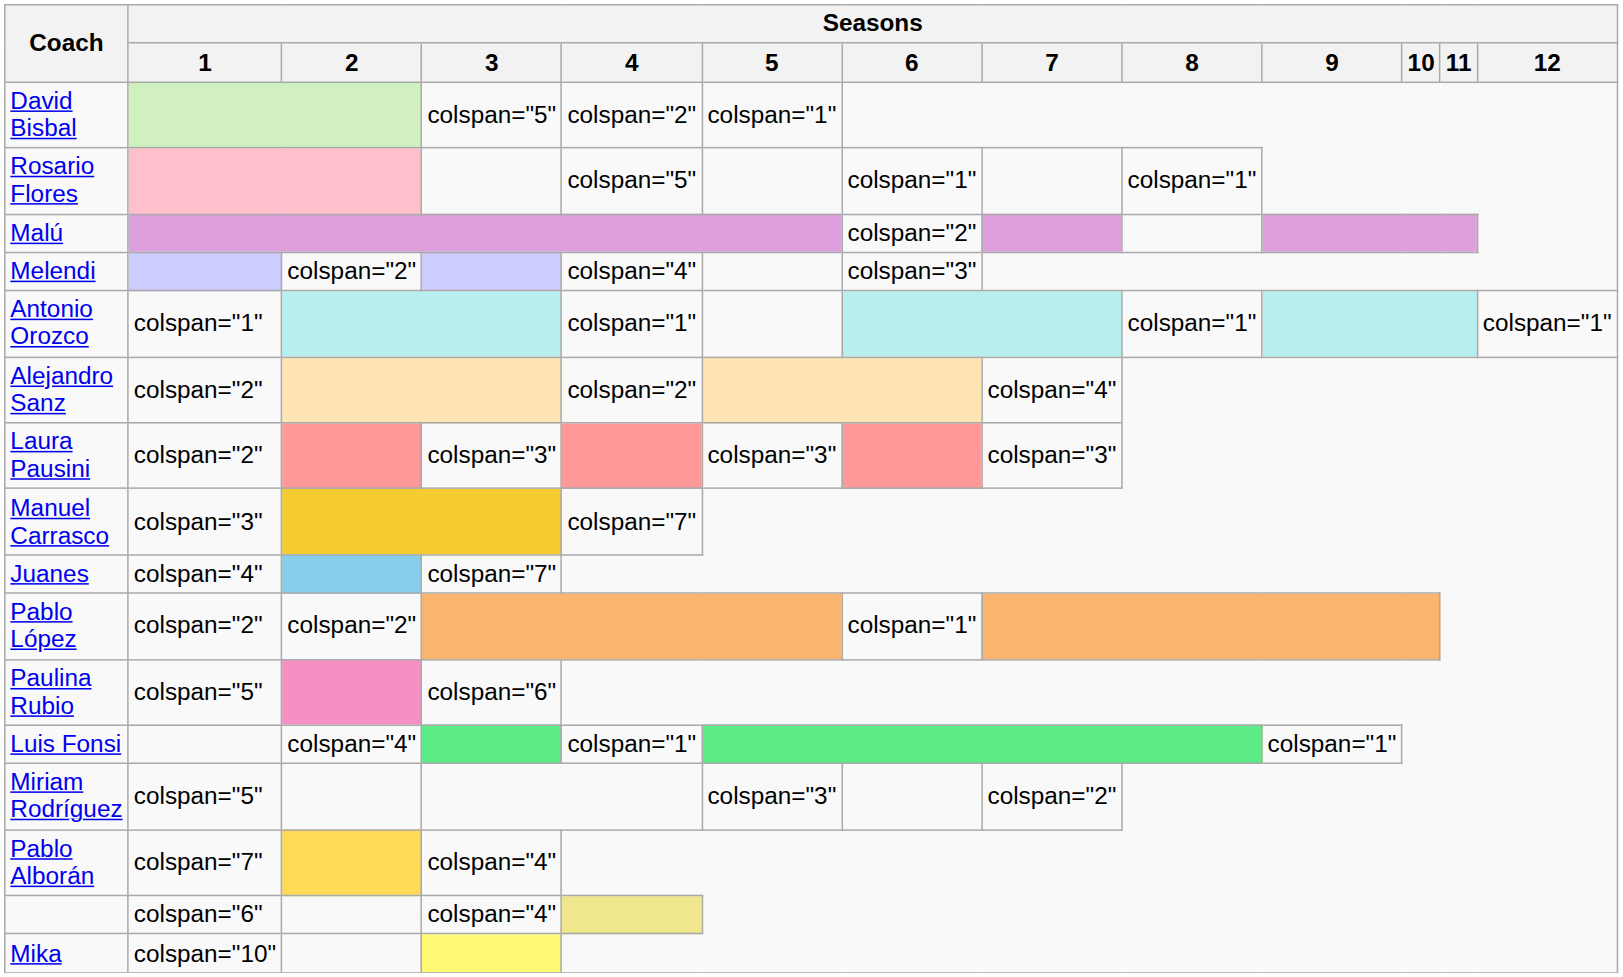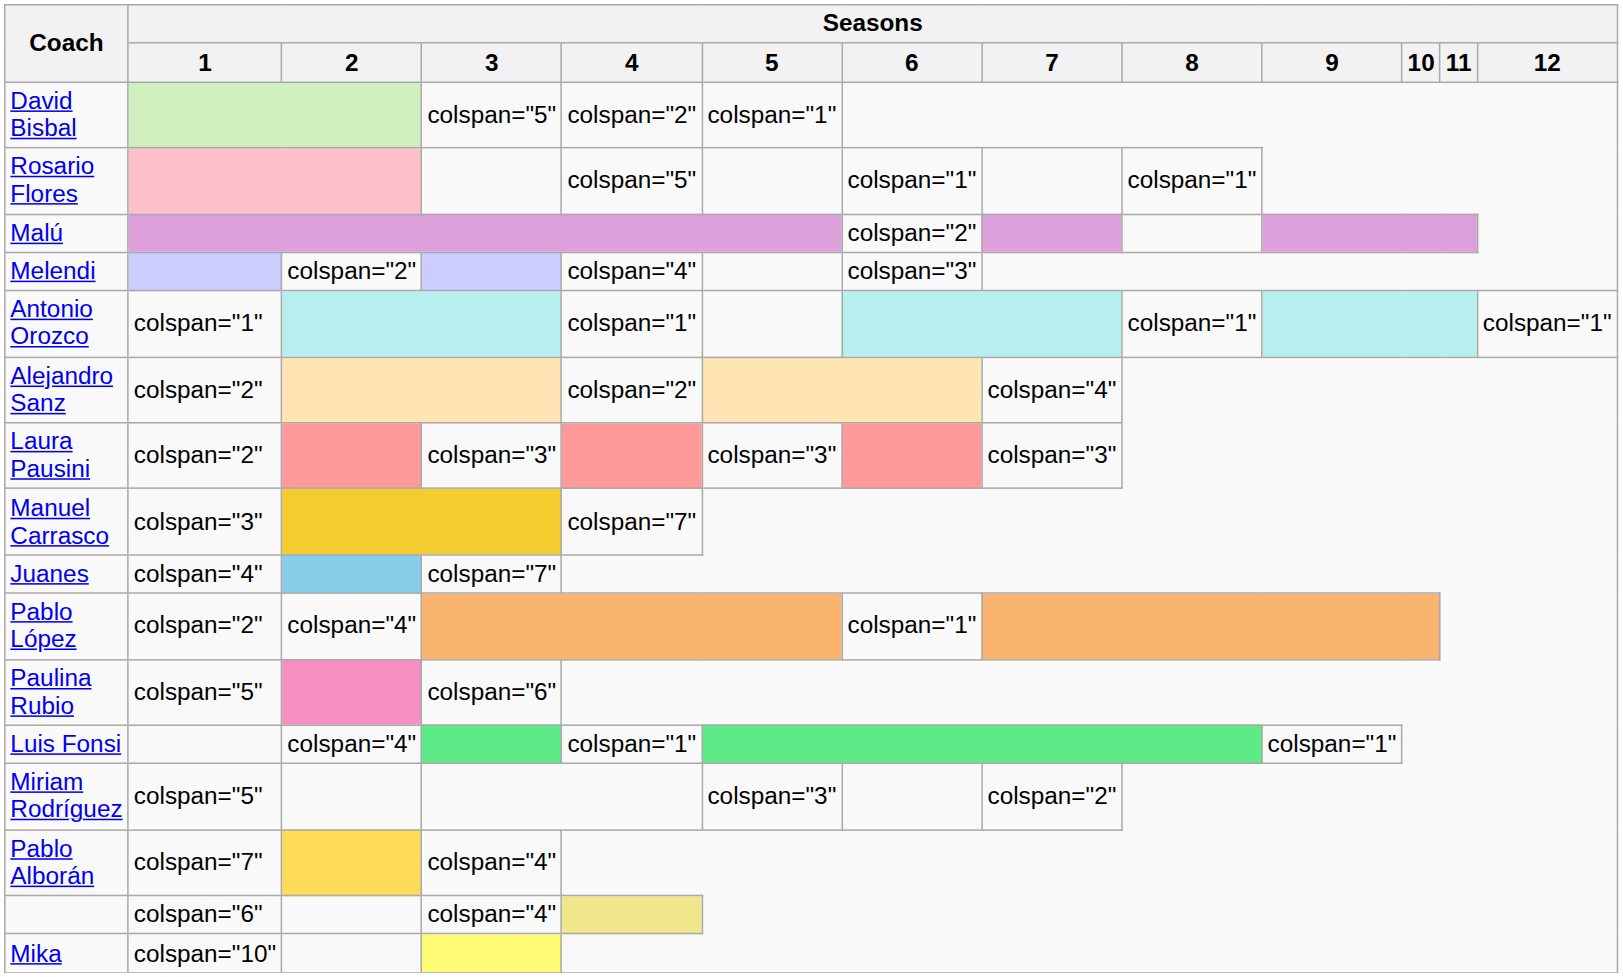 <table style="width:60%;align:center;" class="wikitable center col1cen col2cen">
 <tr>
 <th colspan="1" rowspan="2">Coach</th>
 <th colspan="13">Seasons</th>
 </tr>
 <tr>
 <th width="60">1</th>
 <th width="60">2</th>
 <th width="60">3</th>
 <th width="60">4</th>
 <th width="60">5</th>
 <th width="60">6</th>
 <th width="60">7</th>
 <th width="60">8</th>
 <th width="60">9</th>
 <th width="60">10</th>
 <th width="60">11</th>
 <th width="60">12</th>
 </tr>
 <tr>
 <td><a href='#'>David Bisbal</a></td>
 <td colspan="2" bgcolor="#d0f0c0"></td>
 <td>colspan="5" </td>
 <td>colspan="2" </td>
 <td>colspan="1" </td>
 </tr>
 <tr>
 <td><a href='#'>Rosario Flores</a></td>
 <td colspan="2" bgcolor="pink"></td>
 <td></td>
 <td>colspan="5" </td>
 <td></td>
 <td>colspan="1" </td>
 <td></td>
 <td>colspan="1" </td>
 </tr>
 <tr>
 <td><a href='#'>Malú</a></td>
 <td colspan="5" bgcolor="dda0dd"></td>
 <td>colspan="2" </td>
 <td colspan="1" bgcolor="dda0dd"></td>
 <td></td>
 <td colspan="3" bgcolor="dda0dd"></td>
 </tr>
 <tr>
 <td><a href='#'>Melendi</a></td>
 <td colspan="1" bgcolor="#ccf"></td>
 <td>colspan="2" </td>
 <td colspan="1" bgcolor="#ccf"></td>
 <td>colspan="4" </td>
 <td></td>
 <td>colspan="3" </td>
 </tr>
 <tr>
 <td><a href='#'>Antonio Orozco</a></td>
 <td>colspan="1" </td>
 <td colspan="2" bgcolor="#b7efef"></td>
 <td>colspan="1" </td>
 <td></td>
 <td colspan="2" bgcolor="#b7efef"></td>
 <td>colspan="1" </td>
 <td colspan="3" bgcolor="#b7efef"></td>
 <td>colspan="1" </td>
 </tr>
 <tr>
 <td><a href='#'>Alejandro Sanz</a></td>
 <td>colspan="2" </td>
 <td colspan="2" bgcolor="#ffe5b4"></td>
 <td>colspan="2" </td>
 <td colspan="2" bgcolor="#ffe5b4"></td>
 <td>colspan="4" </td>
 </tr>
 <tr>
 <td><a href='#'>Laura Pausini</a></td>
 <td>colspan="2" </td>
 <td colspan="1" bgcolor="#ff9999"></td>
 <td>colspan="3" </td>
 <td colspan="1" bgcolor="#ff9999"></td>
 <td>colspan="3" </td>
 <td colspan="1" bgcolor="#ff9999"></td>
 <td>colspan="3" </td>
 </tr>
 <tr>
 <td><a href='#'>Manuel Carrasco</a></td>
 <td>colspan="3" </td>
 <td colspan="2" bgcolor="#F4CC30"></td>
 <td>colspan="7" </td>
 </tr>
 <tr>
 <td><a href='#'>Juanes</a></td>
 <td>colspan="4" </td>
 <td colspan="1" bgcolor="#87ceeb"></td>
 <td>colspan="7" </td>
 </tr>
 <tr>
 <td><a href='#'>Pablo López</a></td>
 <td>colspan="2" </td>
-<td>colspan="2" </td>
+<td>colspan="4" </td>
 <td colspan="3" bgcolor="#fbb46e"></td>
 <td>colspan="1" </td>
 <td colspan="4" bgcolor="#fbb46e"></td>
 </tr>
 <tr>
 <td><a href='#'>Paulina Rubio</a></td>
 <td>colspan="5" </td>
 <td colspan="1" bgcolor="#F78FC2"></td>
 <td>colspan="6" </td>
 </tr>
 <tr>
 <td><a href='#'>Luis Fonsi</a></td>
 <td></td>
 <td>colspan="4" </td>
 <td colspan="1" bgcolor="#5deb87"></td>
 <td>colspan="1" </td>
 <td colspan="4" bgcolor="#5deb87"></td>
 <td>colspan="1" </td>
 </tr>
 <tr>
 <td><a href='#'>Miriam Rodríguez</a></td>
 <td>colspan="5" </td>
 <td></td>
 <td colspan="2" style="text-align:center"></td>
 <td>colspan="3" </td>
 <td colspan="1" style="text-align:center"></td>
 <td>colspan="2" </td>
 </tr>
 <tr>
 <td><a href='#'>Pablo Alborán</a></td>
 <td>colspan="7" </td>
 <td colspan="1" bgcolor="#ffdb58"></td>
 <td>colspan="4" </td>
 </tr>
 <tr>
 <td><a href='#'></a></td>
 <td>colspan="6" </td>
 <td></td>
 <td>colspan="4" </td>
 <td colspan="1" bgcolor="khaki"></td>
 </tr>
 <tr>
 <td><a href='#'>Mika</a></td>
 <td>colspan="10" </td>
 <td></td>
 <td colspan="1" bgcolor="#fffa73"></td>
 </tr>
 </table>
